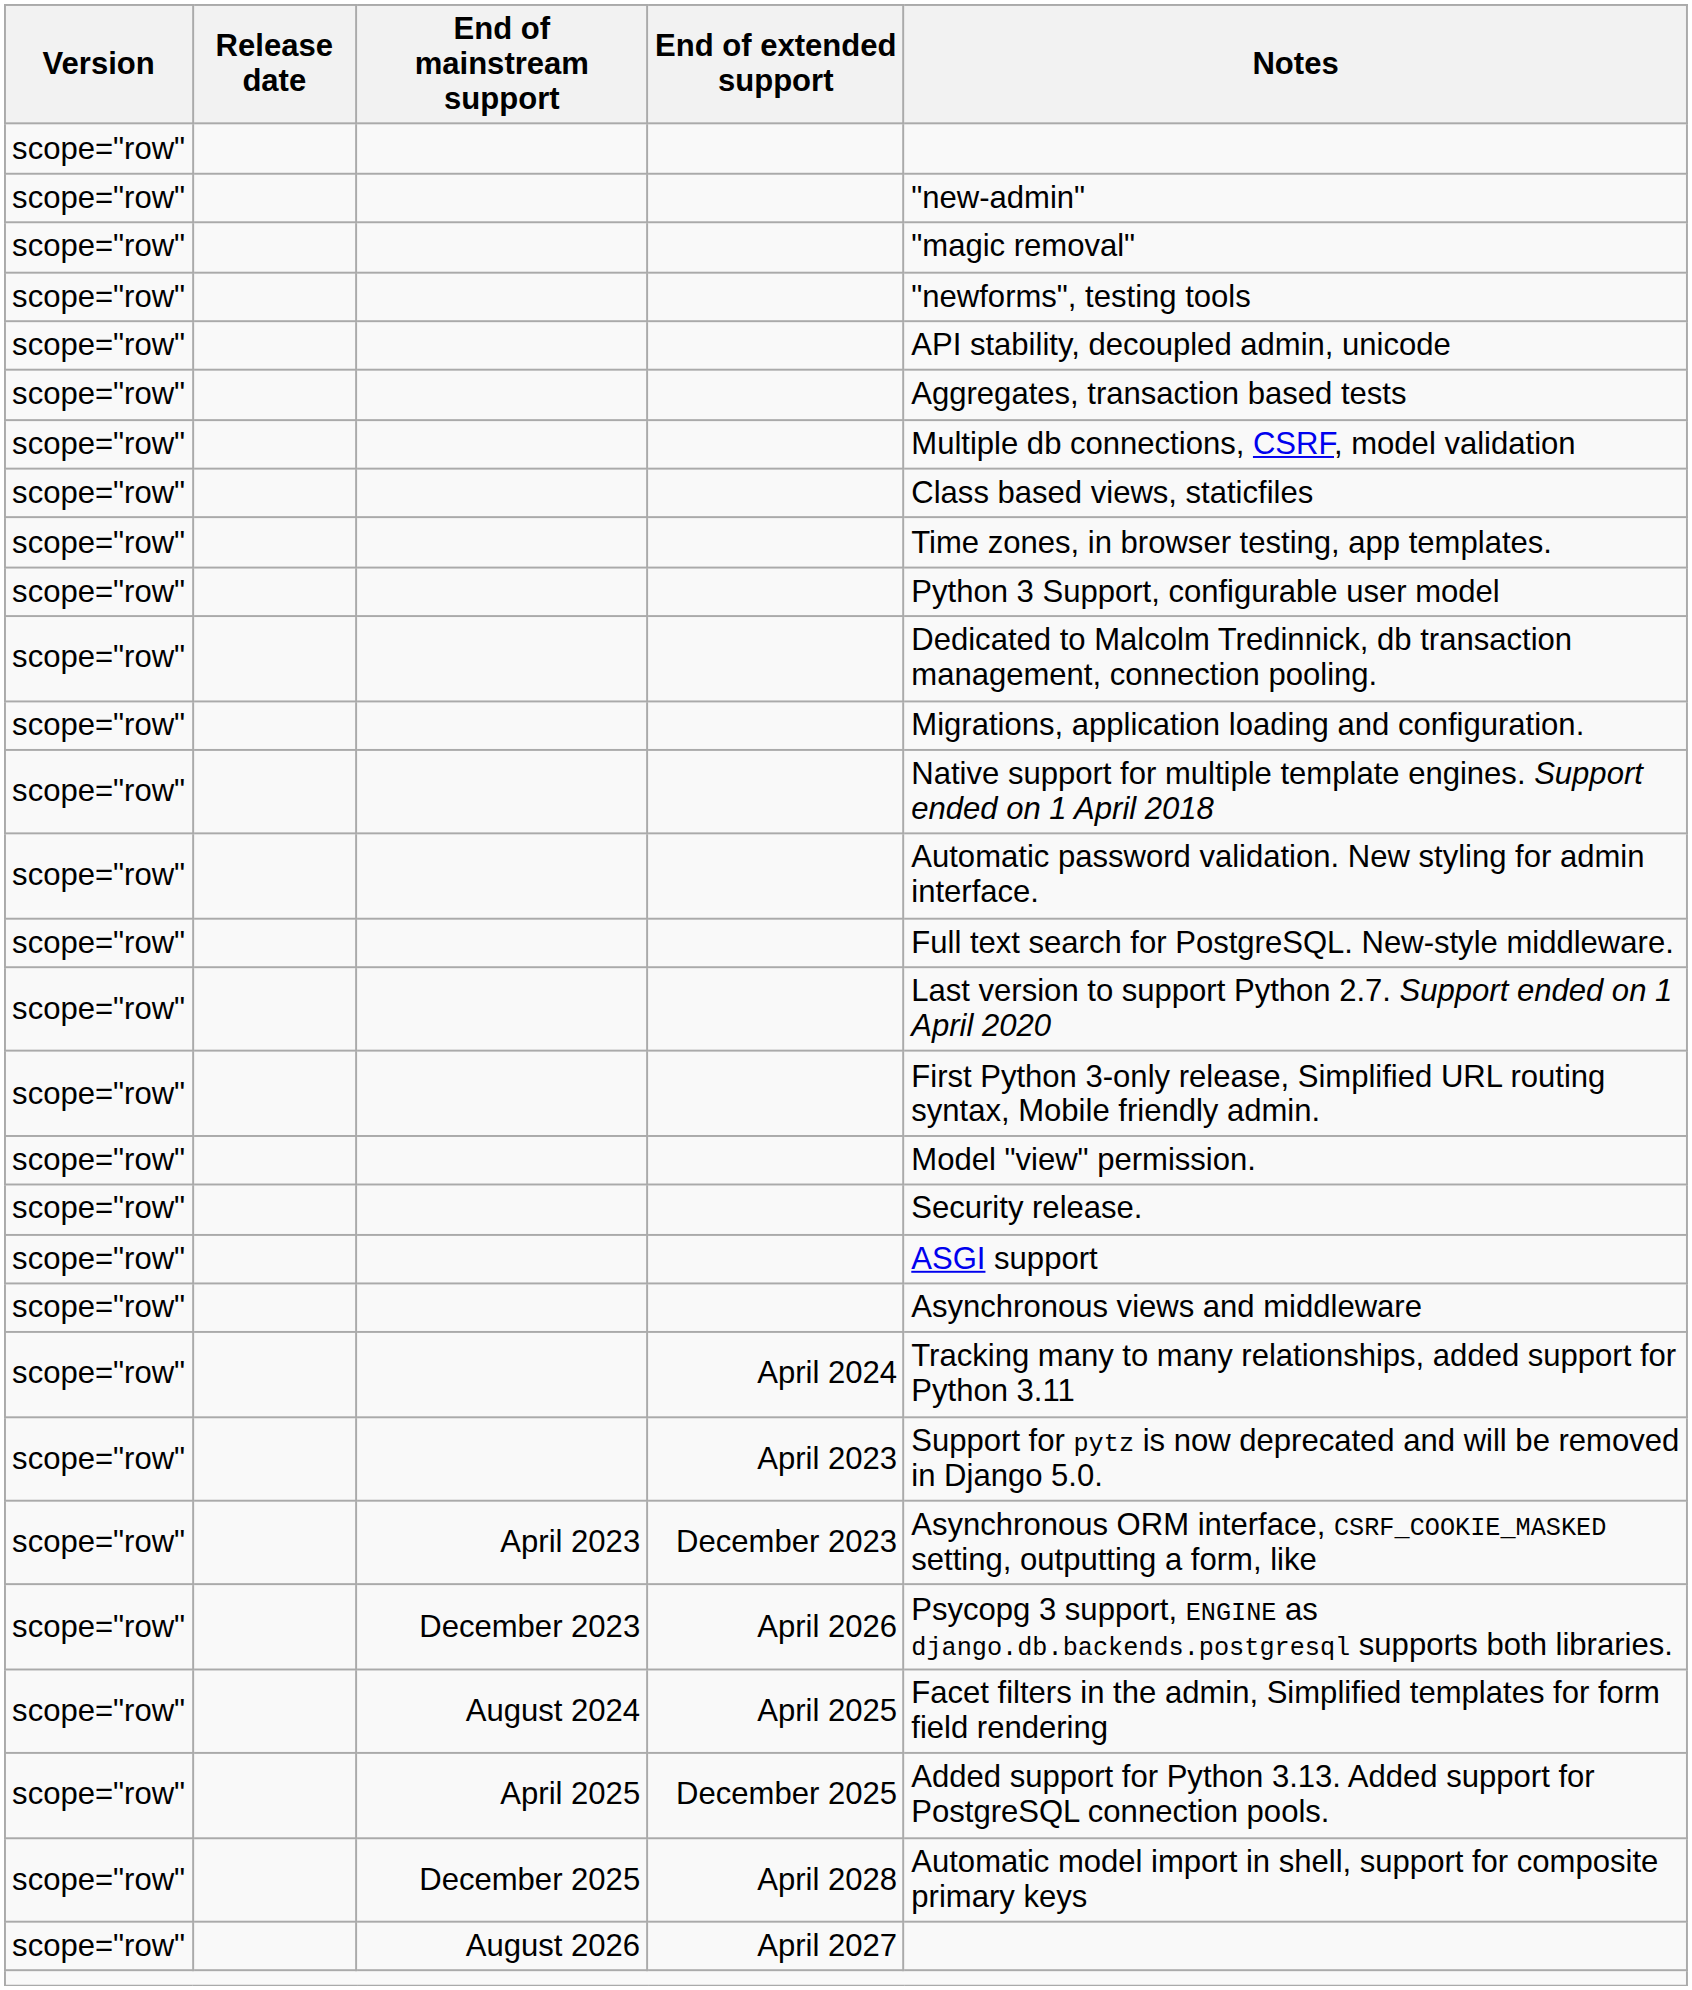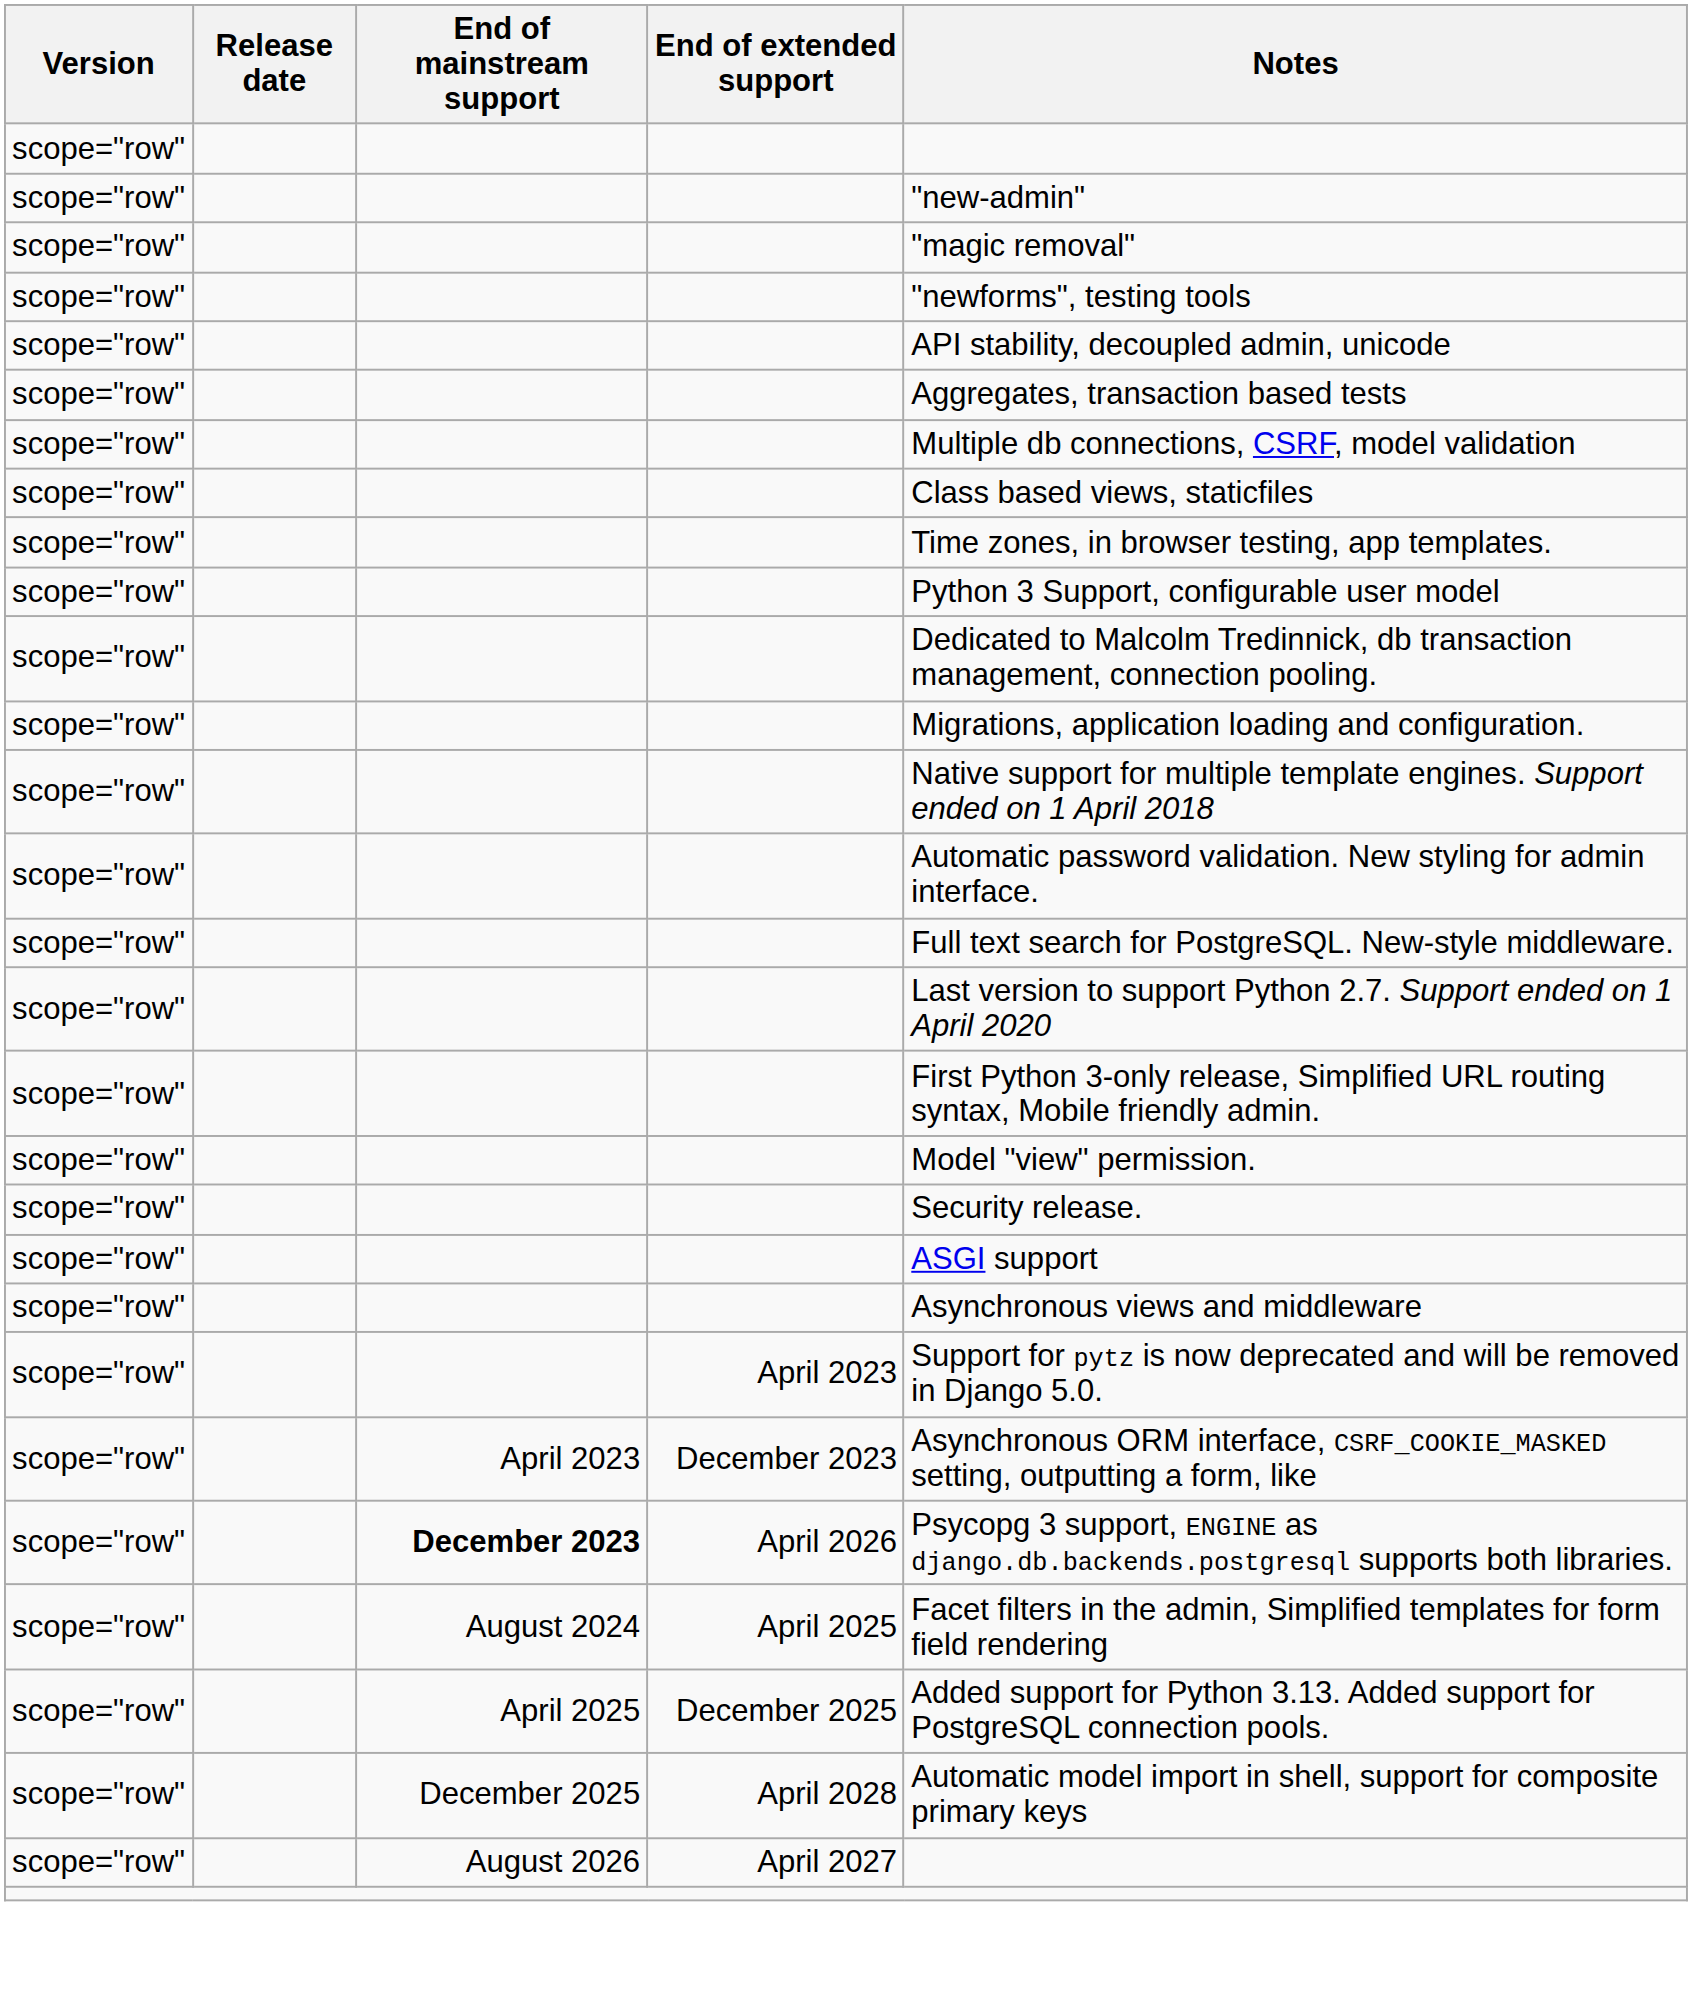 <table class="wikitable">
 <tr>
 <th>Version</th>
 <th>Release date</th>
 <th>End of mainstream support</th>
 <th>End of extended support</th>
 <th>Notes</th>
 </tr>
 <tr style="text-align:right;">
 <td>scope="row" </td>
 <td></td>
 <td></td>
 <td></td>
 <td style="text-align:left;"></td>
 </tr>
 <tr style="text-align:right;">
 <td>scope="row" </td>
 <td></td>
 <td></td>
 <td></td>
 <td style="text-align:left;">"new-admin"</td>
 </tr>
 <tr style="text-align:right;">
 <td>scope="row" </td>
 <td></td>
 <td></td>
 <td></td>
 <td style="text-align:left;">"magic removal"</td>
 </tr>
 <tr style="text-align:right;">
 <td>scope="row" </td>
 <td></td>
 <td></td>
 <td></td>
 <td style="text-align:left;">"newforms", testing tools</td>
 </tr>
 <tr style="text-align:right;">
 <td>scope="row" </td>
 <td></td>
 <td></td>
 <td></td>
 <td style="text-align:left;">API stability, decoupled admin, unicode</td>
 </tr>
 <tr style="text-align:right;">
 <td>scope="row" </td>
 <td></td>
 <td></td>
 <td></td>
 <td style="text-align:left;">Aggregates, transaction based tests</td>
 </tr>
 <tr style="text-align:right;">
 <td>scope="row" </td>
 <td></td>
 <td></td>
 <td></td>
 <td style="text-align:left;">Multiple db connections, <a href='#'>CSRF</a>, model validation</td>
 </tr>
 <tr style="text-align:right;">
 <td>scope="row" </td>
 <td></td>
 <td></td>
 <td></td>
 <td style="text-align:left;">Class based views, staticfiles</td>
 </tr>
 <tr style="text-align:right;">
 <td>scope="row" </td>
 <td></td>
 <td></td>
 <td></td>
 <td style="text-align:left;">Time zones, in browser testing, app templates.</td>
 </tr>
 <tr style="text-align:right;">
 <td>scope="row" </td>
 <td></td>
 <td></td>
 <td></td>
 <td style="text-align:left;">Python 3 Support, configurable user model</td>
 </tr>
 <tr style="text-align:right;">
 <td>scope="row" </td>
 <td></td>
 <td></td>
 <td></td>
 <td style="text-align:left;">Dedicated to Malcolm Tredinnick, db transaction management, connection pooling.</td>
 </tr>
 <tr style="text-align:right;">
 <td>scope="row" </td>
 <td></td>
 <td></td>
 <td></td>
 <td style="text-align:left;">Migrations, application loading and configuration.</td>
 </tr>
 <tr style="text-align:right;">
 <td>scope="row" </td>
 <td></td>
 <td></td>
 <td></td>
 <td style="text-align:left;">Native support for multiple template engines. <em>Support ended on 1 April 2018</em></td>
 </tr>
 <tr style="text-align:right;">
 <td>scope="row" </td>
 <td></td>
 <td></td>
 <td></td>
 <td style="text-align:left;">Automatic password validation. New styling for admin interface.</td>
 </tr>
 <tr style="text-align:right;">
 <td>scope="row" </td>
 <td></td>
 <td></td>
 <td></td>
 <td style="text-align:left;">Full text search for PostgreSQL. New-style middleware.</td>
 </tr>
 <tr style="text-align:right;">
 <td>scope="row" </td>
 <td></td>
 <td></td>
 <td></td>
 <td style="text-align:left;">Last version to support Python 2.7. <em>Support ended on 1 April 2020</em></td>
 </tr>
 <tr style="text-align:right;">
 <td>scope="row" </td>
 <td></td>
 <td></td>
 <td></td>
 <td style="text-align:left;">First Python 3-only release, Simplified URL routing syntax, Mobile friendly admin.</td>
 </tr>
 <tr style="text-align:right;">
 <td>scope="row" </td>
 <td></td>
 <td></td>
 <td></td>
 <td style="text-align:left;">Model "view" permission.</td>
 </tr>
 <tr style="text-align:right;">
 <td>scope="row" </td>
 <td></td>
 <td></td>
 <td></td>
 <td style="text-align:left;">Security release.</td>
 </tr>
 <tr style="text-align:right;">
 <td>scope="row" </td>
 <td></td>
 <td></td>
 <td></td>
 <td style="text-align:left;"><a href='#'>ASGI</a> support</td>
 </tr>
 <tr style="text-align:right;">
 <td>scope="row" </td>
 <td></td>
 <td></td>
 <td></td>
 <td style="text-align:left;">Asynchronous views and middleware</td>
 </tr>
 <tr style="text-align:right;">
 <td>scope="row" </td>
 <td></td>
 <td></td>
-<td>April 2024</td>
-<td style="text-align:left;">Tracking many to many relationships, added support for Python 3.11</td>
-</tr>
-<tr style="text-align:right;">
-<td>scope="row" </td>
-<td></td>
-<td></td>
 <td>April 2023</td>
 <td style="text-align:left;">Support for <code>pytz</code> is now deprecated and will be removed in Django 5.0.</td>
 </tr>
 <tr style="text-align:right;">
 <td>scope="row" </td>
 <td></td>
 <td>April 2023</td>
 <td>December 2023</td>
 <td style="text-align:left;">Asynchronous ORM interface, <code>CSRF_COOKIE_MASKED</code> setting, outputting a form, like <code></code></td>
 </tr>
 <tr style="text-align:right;">
 <td>scope="row" </td>
 <td></td>
-<td>December 2023</td>
+<td><strong>December 2023</strong></td>
 <td>April 2026</td>
 <td style="text-align:left;">Psycopg 3 support, <code>ENGINE</code> as <code>django.db.backends.postgresql</code> supports both libraries.</td>
 </tr>
 <tr style="text-align:right;">
 <td>scope="row" </td>
 <td></td>
 <td>August 2024</td>
 <td>April 2025</td>
 <td style="text-align:left;">Facet filters in the admin, Simplified templates for form field rendering</td>
 </tr>
 <tr style="text-align:right;">
 <td>scope="row" </td>
 <td></td>
 <td>April 2025</td>
 <td>December 2025</td>
 <td style="text-align:left;">Added support for Python 3.13. Added support for PostgreSQL connection pools.</td>
 </tr>
 <tr style="text-align:right;">
 <td>scope="row" </td>
 <td></td>
 <td>December 2025</td>
 <td>April 2028</td>
 <td style="text-align:left;">Automatic model import in shell, support for composite primary keys</td>
 </tr>
 <tr style="text-align:right;">
 <td>scope="row" </td>
 <td></td>
 <td>August 2026</td>
 <td>April 2027</td>
 <td style="text-align:left;"></td>
 </tr>
 <tr>
 <td colspan="5"></td>
 </tr>
 </table>
